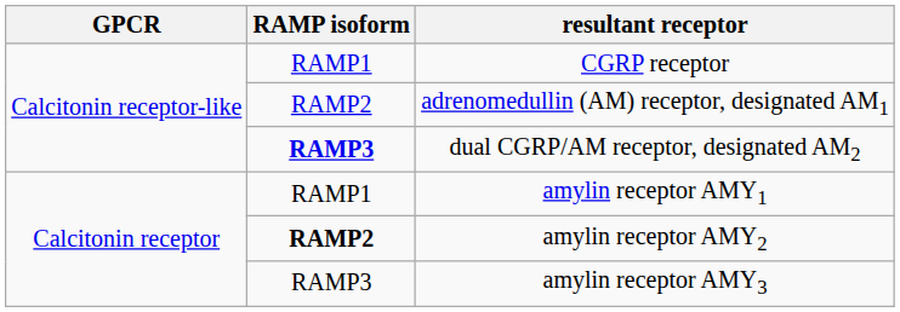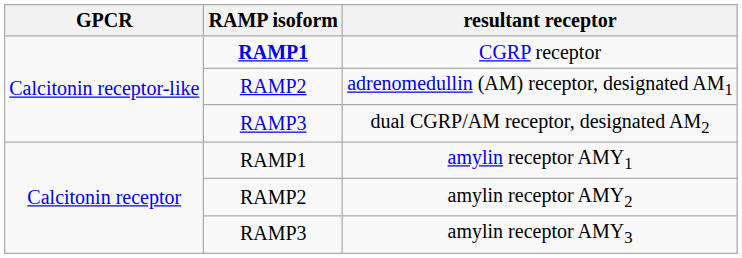 <table class="wikitable" border="1" style="text-align:center">
 <tr>
 <th>GPCR</th>
 <th>RAMP isoform</th>
 <th>resultant receptor</th>
 </tr>
 <tr>
 <td rowspan="3"><a href='#'>Calcitonin receptor-like</a></td>
-<td><a href='#'>RAMP1</a></td>
+<td><strong><a href='#'>RAMP1</a></strong></td>
 <td><a href='#'>CGRP</a> receptor</td>
 </tr>
 <tr>
 <td><a href='#'>RAMP2</a></td>
 <td><a href='#'>adrenomedullin</a> (AM) receptor, designated AM<sub>1</sub></td>
 </tr>
 <tr>
-<td><strong><a href='#'>RAMP3</a></strong></td>
+<td><a href='#'>RAMP3</a></td>
 <td>dual CGRP/AM receptor, designated AM<sub>2</sub></td>
 </tr>
 <tr>
 <td rowspan="3"><a href='#'>Calcitonin receptor</a></td>
 <td>RAMP1</td>
 <td><a href='#'>amylin</a> receptor AMY<sub>1</sub></td>
 </tr>
 <tr>
-<td><strong>RAMP2</strong></td>
+<td>RAMP2</td>
 <td>amylin receptor AMY<sub>2</sub></td>
 </tr>
 <tr>
 <td>RAMP3</td>
 <td>amylin receptor AMY<sub>3</sub></td>
 </tr>
 </table>
